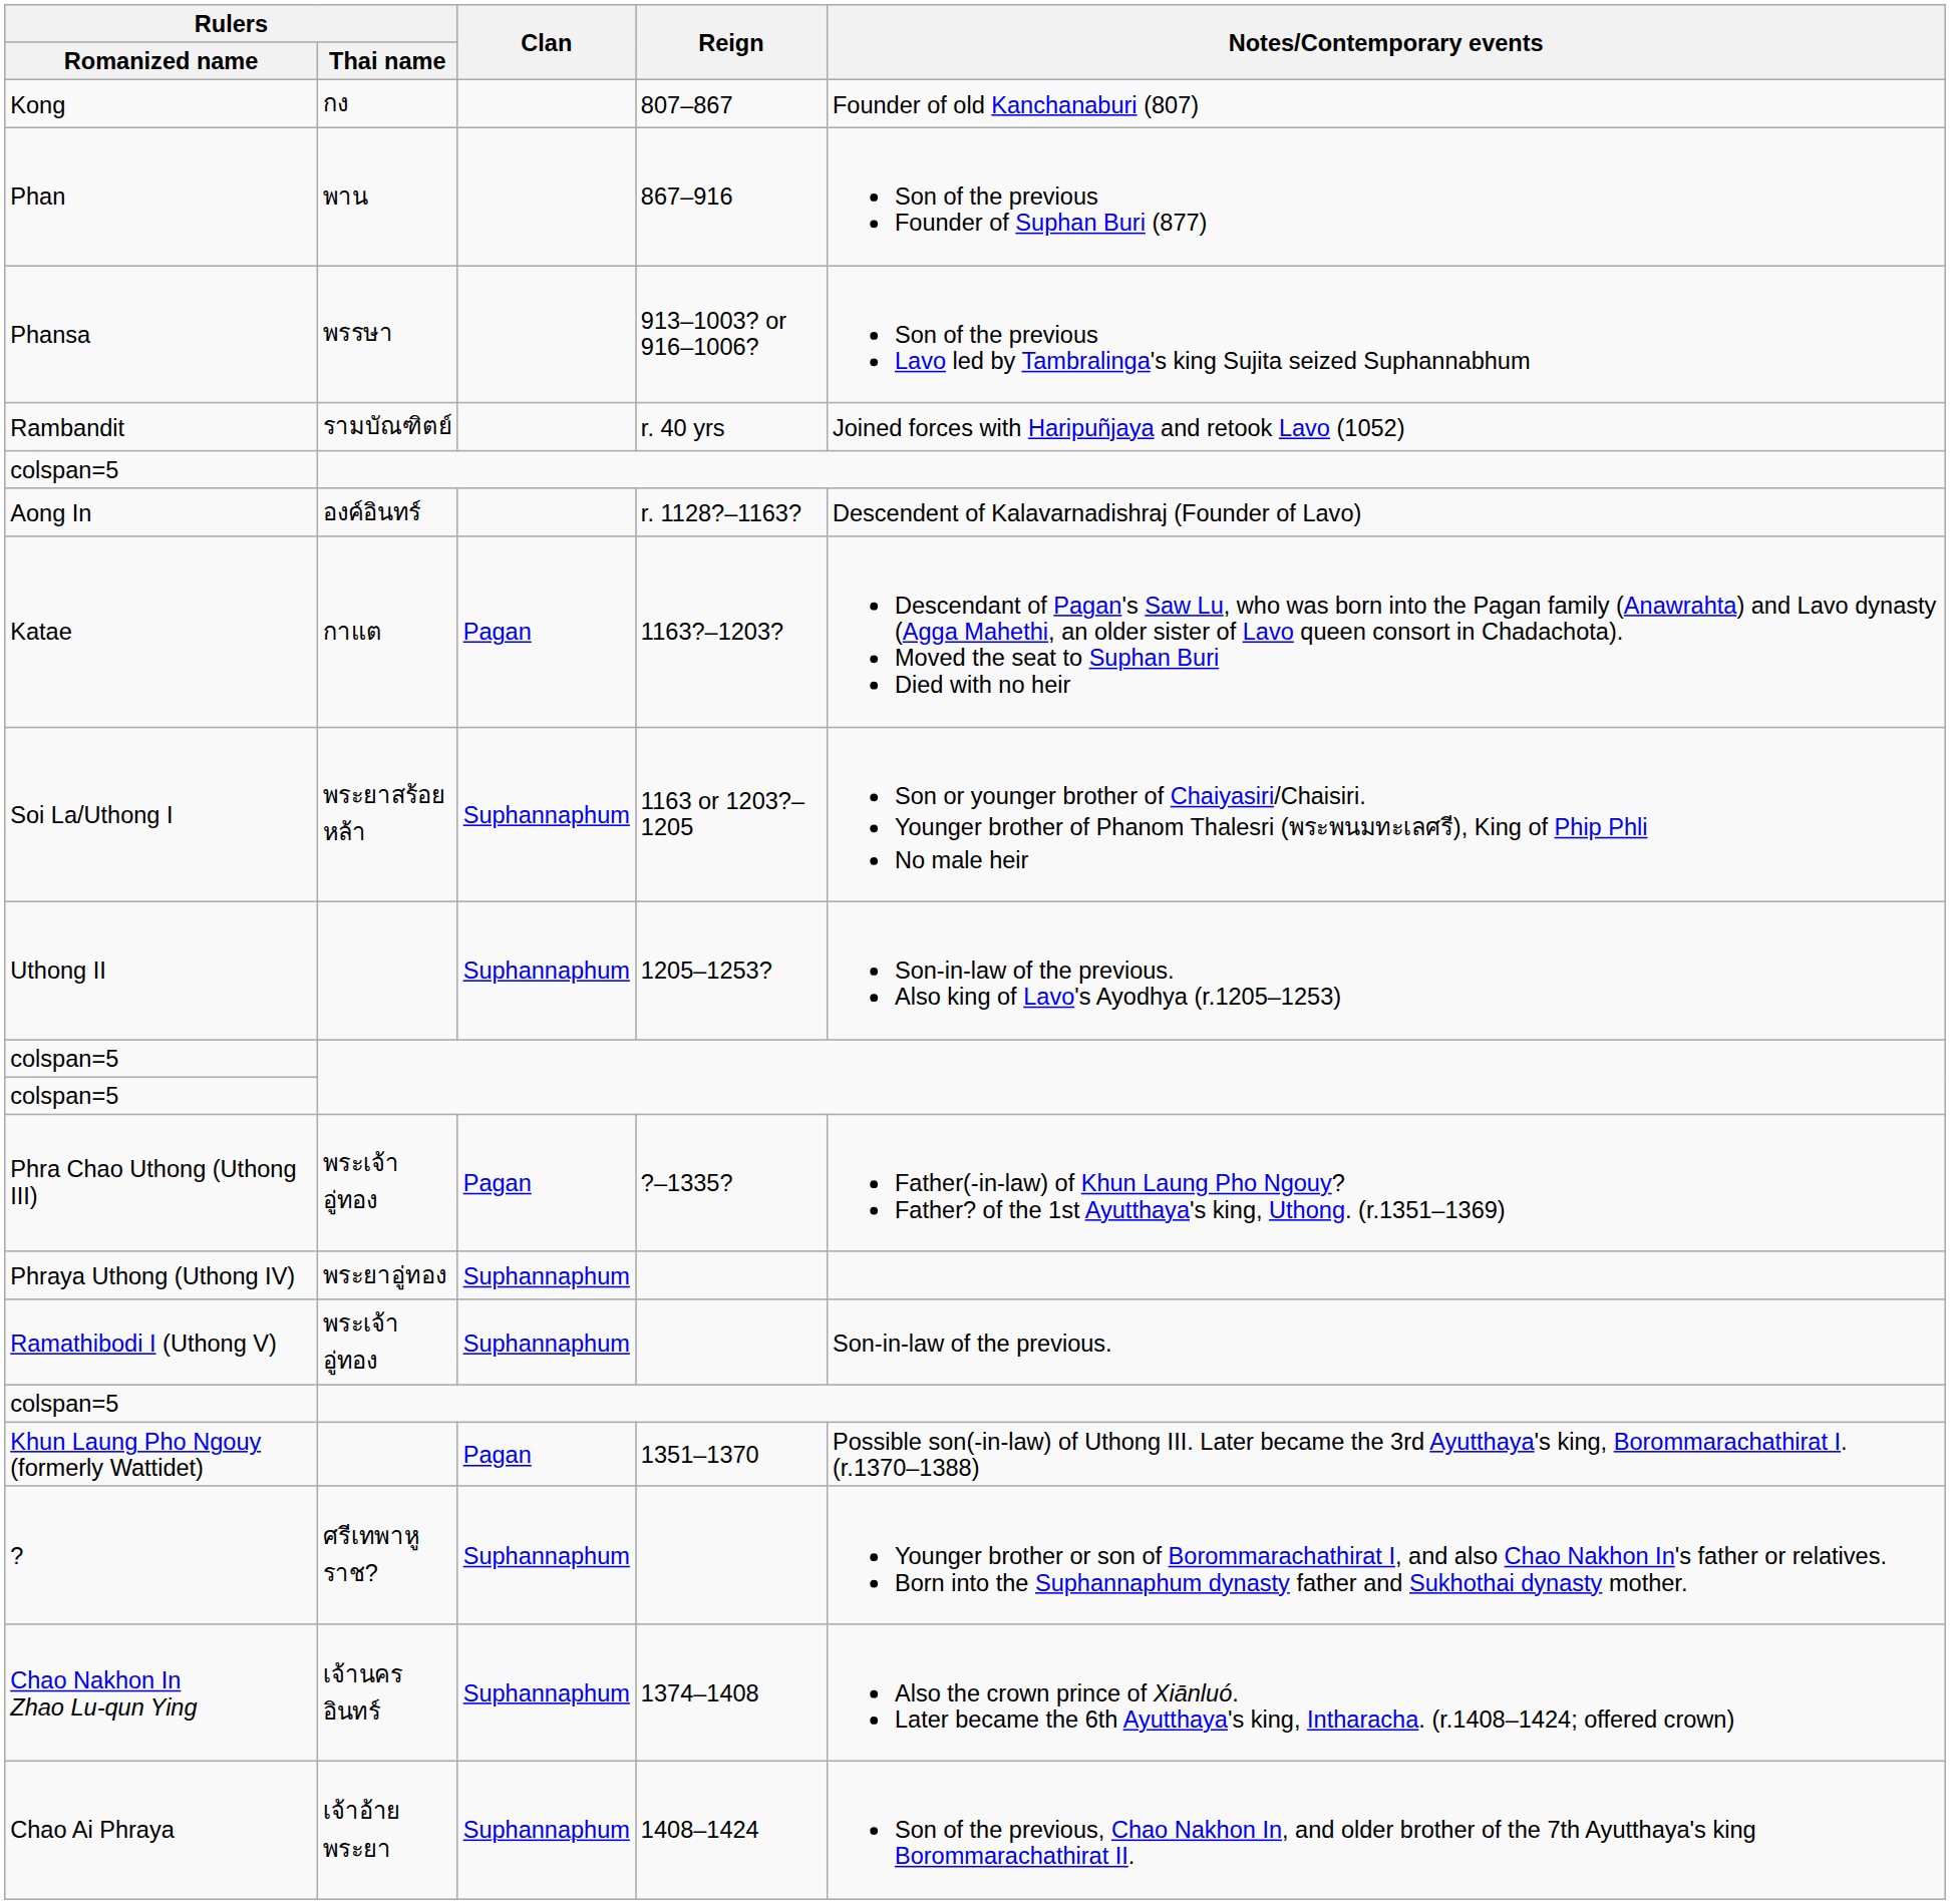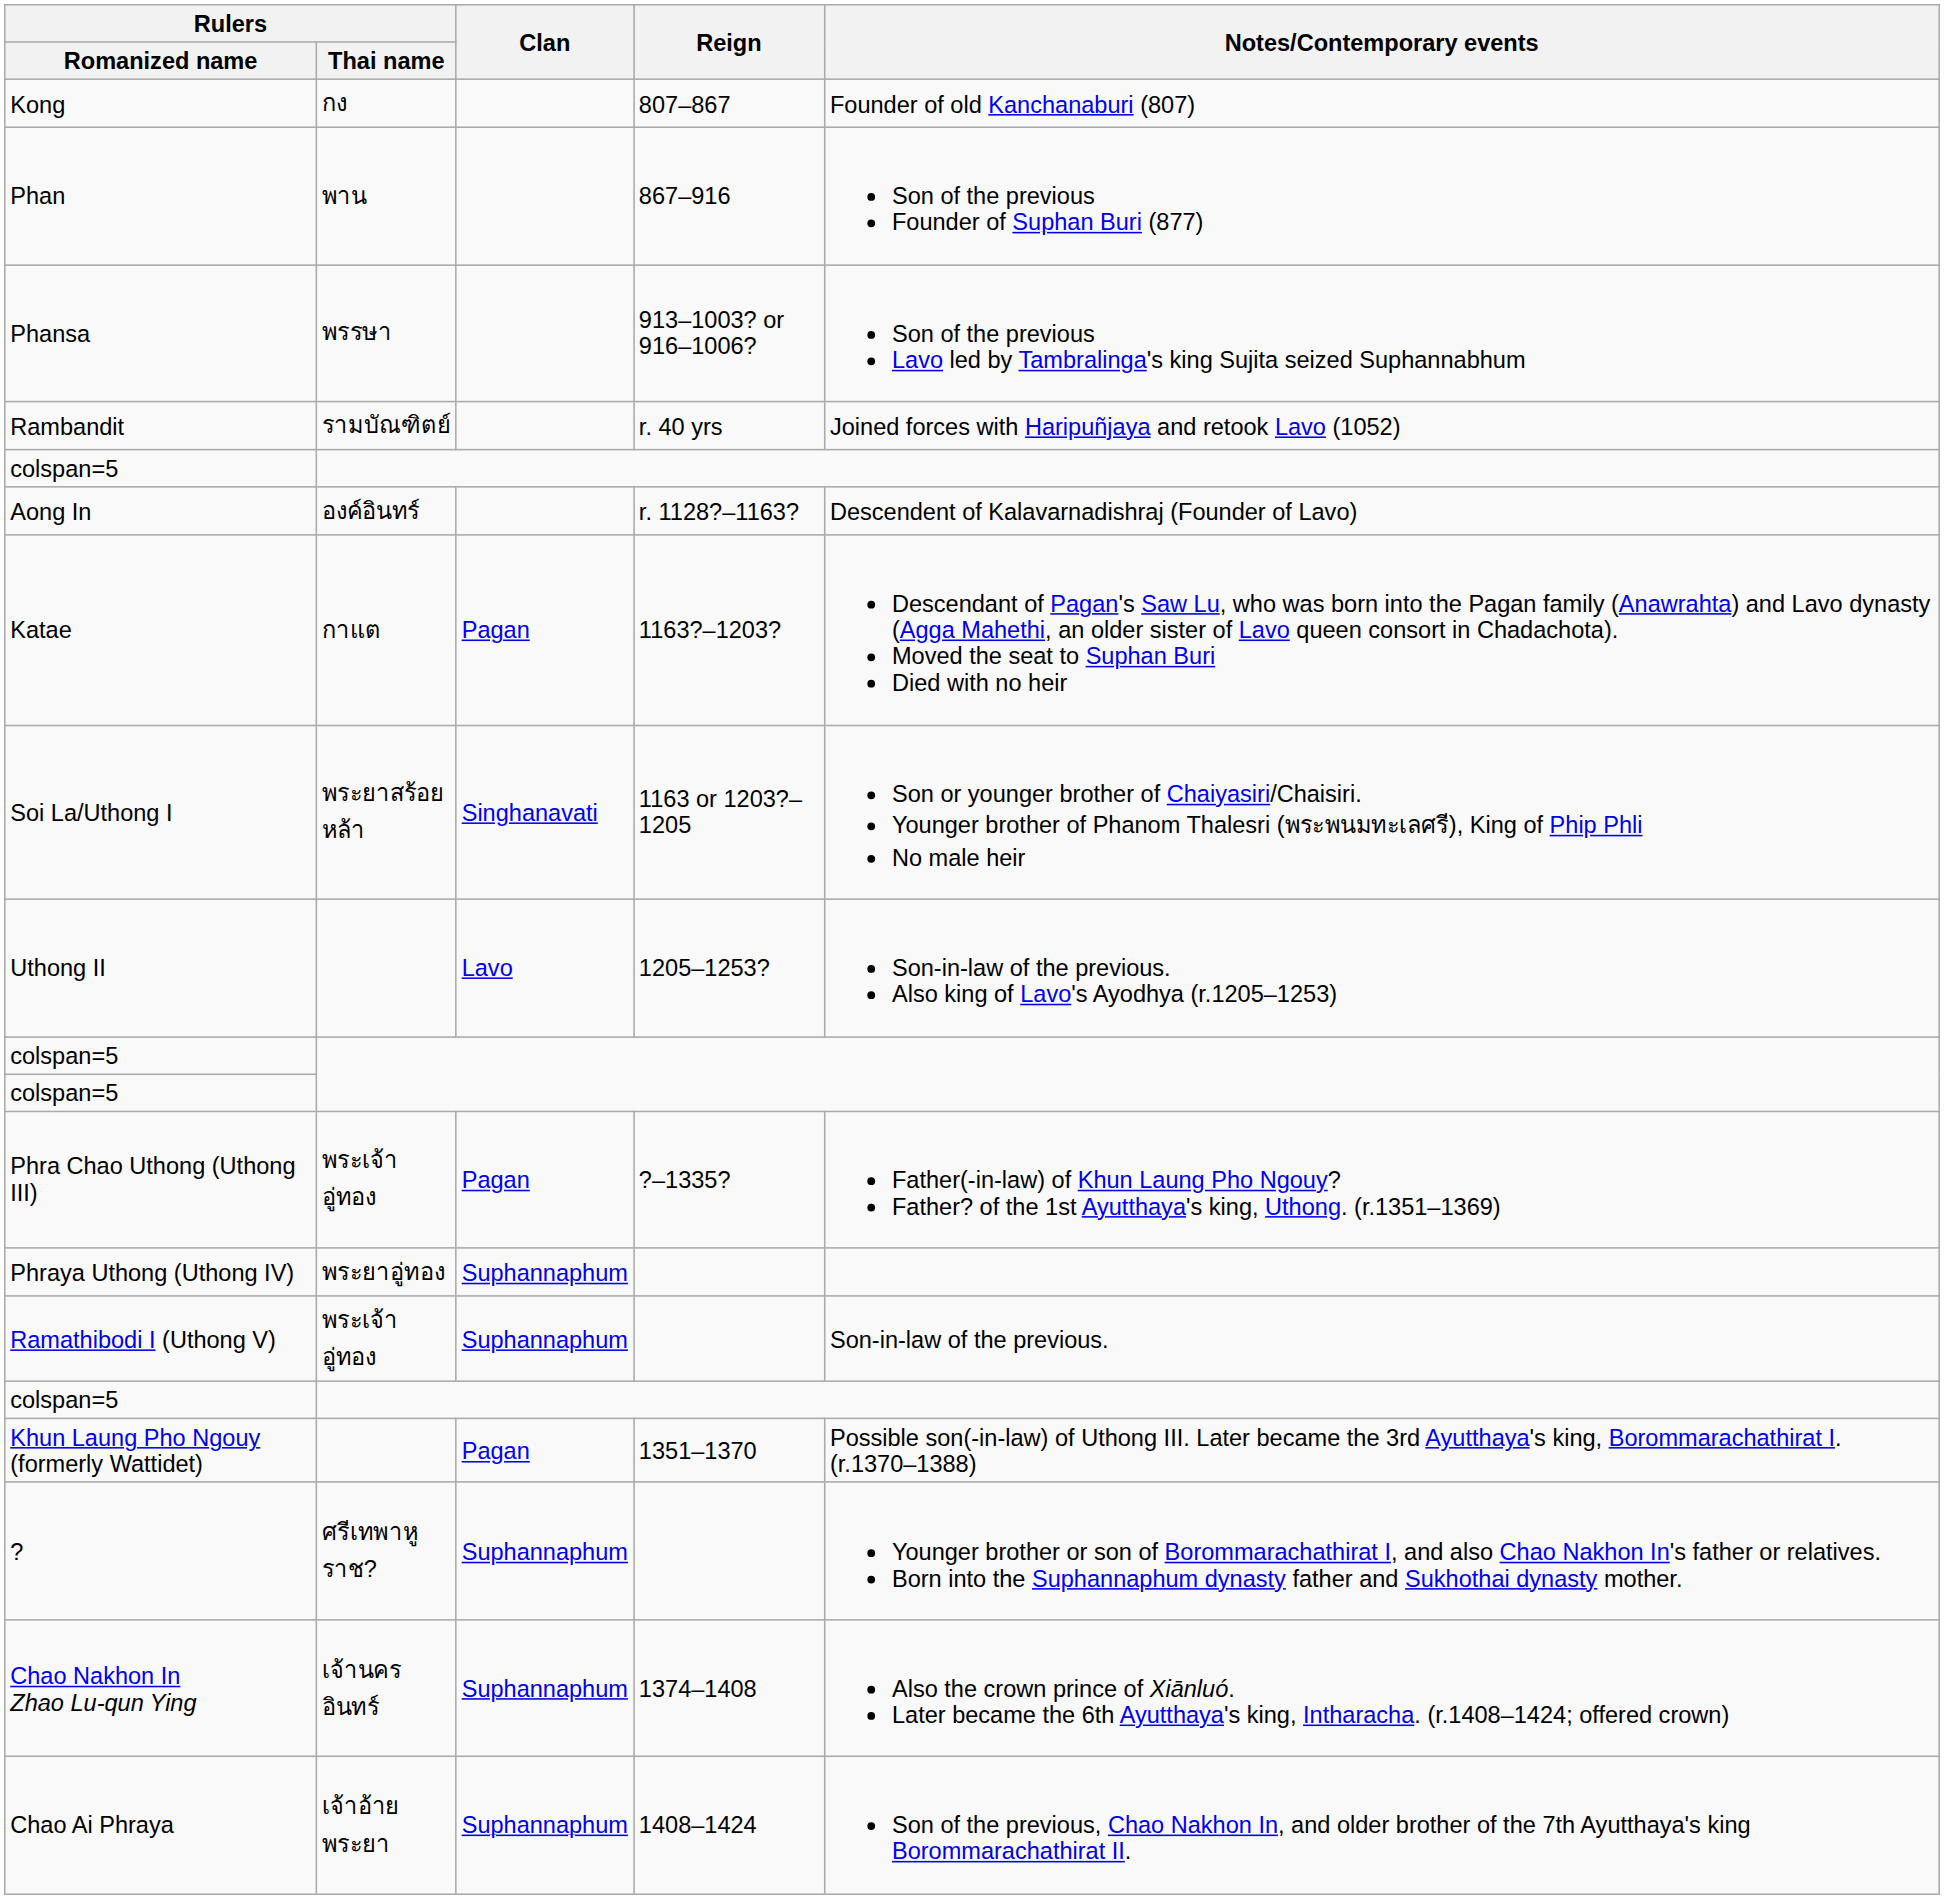 <table class="wikitable" style="font-size:95%;">
 <tr>
 <th colspan=2>Rulers</th>
 <th rowspan=2>Clan</th>
 <th rowspan=2>Reign</th>
 <th rowspan=2>Notes/Contemporary events</th>
 </tr>
 <tr>
 <th>Romanized name</th>
 <th>Thai name</th>
 </tr>
 <tr>
 <td>Kong</td>
 <td>กง</td>
 <td></td>
 <td> 807–867</td>
 <td>Founder of old <a href='#'>Kanchanaburi</a> (807)</td>
 </tr>
 <tr>
 <td>Phan</td>
 <td>พาน</td>
 <td></td>
 <td> 867–916</td>
 <td><br><ul><li>Son of the previous</li><li>Founder of <a href='#'>Suphan Buri</a> (877)</li></ul></td>
 </tr>
 <tr>
 <td>Phansa</td>
 <td>พรรษา</td>
 <td></td>
 <td> 913–1003? or 916–1006?</td>
 <td><br><ul><li>Son of the previous</li><li><a href='#'>Lavo</a> led by <a href='#'>Tambralinga</a>'s king Sujita seized Suphannabhum</li></ul></td>
 </tr>
 <tr>
 <td>Rambandit</td>
 <td>รามบัณฑิตย์</td>
 <td></td>
 <td>r. 40 yrs</td>
 <td>Joined forces with <a href='#'>Haripuñjaya</a> and retook <a href='#'>Lavo</a> (1052)</td>
 </tr>
 <tr>
 <td>colspan=5 </td>
 </tr>
 <tr>
 <td>Aong In</td>
 <td>องค์อินทร์</td>
 <td></td>
 <td>r. 1128?–1163?</td>
 <td>Descendent of Kalavarnadishraj (Founder of Lavo)</td>
 </tr>
 <tr>
 <td>Katae</td>
 <td>กาแต</td>
 <td><a href='#'>Pagan</a></td>
 <td>1163?–1203?</td>
 <td><br><ul><li>Descendant of <a href='#'>Pagan</a>'s <a href='#'>Saw Lu</a>, who was born into the Pagan family (<a href='#'>Anawrahta</a>) and Lavo dynasty (<a href='#'>Agga Mahethi</a>, an older sister of <a href='#'>Lavo</a> queen consort in Chadachota).</li><li>Moved the seat to <a href='#'>Suphan Buri</a></li><li>Died with no heir</li></ul></td>
 </tr>
 <tr>
 <td>Soi La/Uthong I</td>
 <td>พระยาสร้อยหล้า</td>
-<td><a href='#'>Suphannaphum</a></td>
+<td><a href='#'>Singhanavati</a></td>
 <td>1163 or 1203?–1205</td>
 <td><br><ul><li>Son or younger brother of <a href='#'>Chaiyasiri</a>/Chaisiri.</li><li>Younger brother of Phanom Thalesri (พระพนมทะเลศรี), King of <a href='#'>Phip Phli</a></li><li>No male heir</li></ul></td>
 </tr>
 <tr>
 <td>Uthong II</td>
 <td></td>
-<td><a href='#'>Suphannaphum</a></td>
+<td><a href='#'>Lavo</a></td>
 <td>1205–1253?</td>
 <td><br><ul><li>Son-in-law of the previous.</li><li>Also king of <a href='#'>Lavo</a>'s Ayodhya (r.1205–1253)</li></ul></td>
 </tr>
 <tr>
 <td>colspan=5 </td>
 </tr>
 <tr>
 <td>colspan=5 </td>
 </tr>
 <tr>
 <td>Phra Chao Uthong (Uthong III)</td>
 <td>พระเจ้าอู่ทอง</td>
 <td><a href='#'>Pagan</a></td>
 <td>?–1335?</td>
 <td><br><ul><li>Father(-in-law) of <a href='#'>Khun Laung Pho Ngouy</a>?</li><li>Father? of the 1st <a href='#'>Ayutthaya</a>'s king, <a href='#'>Uthong</a>. (r.1351–1369)</li></ul></td>
 </tr>
 <tr>
 <td>Phraya Uthong (Uthong IV)</td>
 <td>พระยาอู่ทอง</td>
 <td><a href='#'>Suphannaphum</a></td>
 <td></td>
 <td></td>
 </tr>
 <tr>
 <td><a href='#'>Ramathibodi I</a> (Uthong V)</td>
 <td>พระเจ้าอู่ทอง</td>
 <td><a href='#'>Suphannaphum</a></td>
 <td></td>
 <td>Son-in-law of the previous.</td>
 </tr>
 <tr>
 <td>colspan=5 </td>
 </tr>
 <tr>
 <td><a href='#'>Khun Laung Pho Ngouy</a> (formerly Wattidet)</td>
 <td></td>
 <td><a href='#'>Pagan</a></td>
 <td>1351–1370</td>
 <td>Possible son(-in-law) of Uthong III. Later became the 3rd <a href='#'>Ayutthaya</a>'s king, <a href='#'>Borommarachathirat I</a>. (r.1370–1388)</td>
 </tr>
 <tr>
 <td>?</td>
 <td>ศรีเทพาหูราช?</td>
 <td><a href='#'>Suphannaphum</a></td>
 <td></td>
 <td><br><ul><li>Younger brother or son of <a href='#'>Borommarachathirat I</a>, and also <a href='#'>Chao Nakhon In</a>'s father or relatives.</li><li>Born into the <a href='#'>Suphannaphum dynasty</a> father and <a href='#'>Sukhothai dynasty</a> mother.</li></ul></td>
 </tr>
 <tr>
 <td><a href='#'>Chao Nakhon In</a><br><em>Zhao Lu-qun Ying</em></td>
 <td>เจ้านครอินทร์</td>
 <td><a href='#'>Suphannaphum</a></td>
 <td>1374–1408</td>
 <td><br><ul><li>Also the crown prince of <em>Xiānluó</em>.</li><li>Later became the 6th <a href='#'>Ayutthaya</a>'s king, <a href='#'>Intharacha</a>. (r.1408–1424; offered crown)</li></ul></td>
 </tr>
 <tr>
 <td>Chao Ai Phraya</td>
 <td>เจ้าอ้ายพระยา</td>
 <td><a href='#'>Suphannaphum</a></td>
 <td>1408–1424</td>
 <td><br><ul><li>Son of the previous, <a href='#'>Chao Nakhon In</a>, and older brother of the 7th Ayutthaya's king <a href='#'>Borommarachathirat II</a>.</li></ul></td>
 </tr>
 </table>
